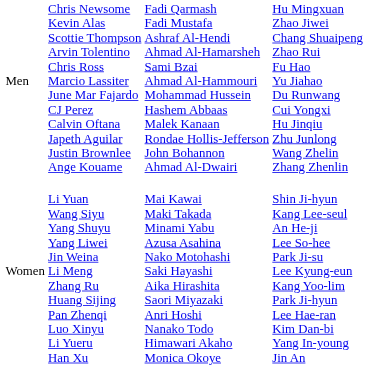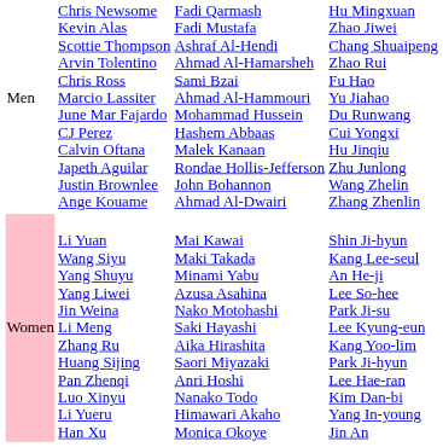 <table>
 <tr>
 <td>Men<br></td>
 <td><br><a href='#'>Chris Newsome</a><br><a href='#'>Kevin Alas</a><br><a href='#'>Scottie Thompson</a><br><a href='#'>Arvin Tolentino</a><br><a href='#'>Chris Ross</a><br><a href='#'>Marcio Lassiter</a><br><a href='#'>June Mar Fajardo</a><br><a href='#'>CJ Perez</a><br><a href='#'>Calvin Oftana</a><br><a href='#'>Japeth Aguilar</a><br><a href='#'>Justin Brownlee</a><br><a href='#'>Ange Kouame</a></td>
 <td><br><a href='#'>Fadi Qarmash</a><br><a href='#'>Fadi Mustafa</a><br><a href='#'>Ashraf Al-Hendi</a><br><a href='#'>Ahmad Al-Hamarsheh</a><br><a href='#'>Sami Bzai</a><br><a href='#'>Ahmad Al-Hammouri</a><br><a href='#'>Mohammad Hussein</a><br><a href='#'>Hashem Abbaas</a><br><a href='#'>Malek Kanaan</a><br><a href='#'>Rondae Hollis-Jefferson</a><br><a href='#'>John Bohannon</a><br><a href='#'>Ahmad Al-Dwairi</a></td>
 <td><br><a href='#'>Hu Mingxuan</a><br><a href='#'>Zhao Jiwei</a><br><a href='#'>Chang Shuaipeng</a><br><a href='#'>Zhao Rui</a><br><a href='#'>Fu Hao</a><br><a href='#'>Yu Jiahao</a><br><a href='#'>Du Runwang</a><br><a href='#'>Cui Yongxi</a><br><a href='#'>Hu Jinqiu</a><br><a href='#'>Zhu Junlong</a><br><a href='#'>Wang Zhelin</a><br><a href='#'>Zhang Zhenlin</a></td>
 </tr>
 <tr>
-<td>Women<br></td>
+<td style="background: pink;">Women<br></td>
 <td><br><a href='#'>Li Yuan</a><br><a href='#'>Wang Siyu</a><br><a href='#'>Yang Shuyu</a><br><a href='#'>Yang Liwei</a><br><a href='#'>Jin Weina</a><br><a href='#'>Li Meng</a><br><a href='#'>Zhang Ru</a><br><a href='#'>Huang Sijing</a><br><a href='#'>Pan Zhenqi</a><br><a href='#'>Luo Xinyu</a><br><a href='#'>Li Yueru</a><br><a href='#'>Han Xu</a></td>
 <td><br><a href='#'>Mai Kawai</a><br><a href='#'>Maki Takada</a><br><a href='#'>Minami Yabu</a><br><a href='#'>Azusa Asahina</a><br><a href='#'>Nako Motohashi</a><br><a href='#'>Saki Hayashi</a><br><a href='#'>Aika Hirashita</a><br><a href='#'>Saori Miyazaki</a><br><a href='#'>Anri Hoshi</a><br><a href='#'>Nanako Todo</a><br><a href='#'>Himawari Akaho</a><br><a href='#'>Monica Okoye</a></td>
 <td><br><a href='#'>Shin Ji-hyun</a><br><a href='#'>Kang Lee-seul</a><br><a href='#'>An He-ji</a><br><a href='#'>Lee So-hee</a><br><a href='#'>Park Ji-su</a><br><a href='#'>Lee Kyung-eun</a><br><a href='#'>Kang Yoo-lim</a><br><a href='#'>Park Ji-hyun</a><br><a href='#'>Lee Hae-ran</a><br><a href='#'>Kim Dan-bi</a><br><a href='#'>Yang In-young</a><br><a href='#'>Jin An</a></td>
 </tr>
 </table>
